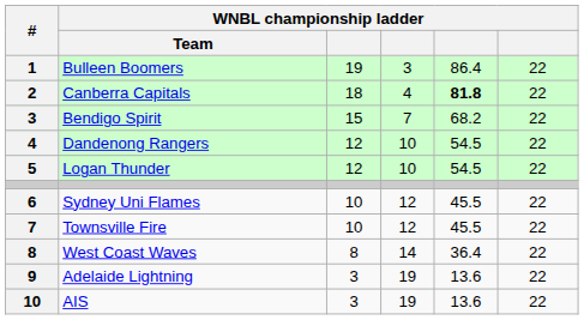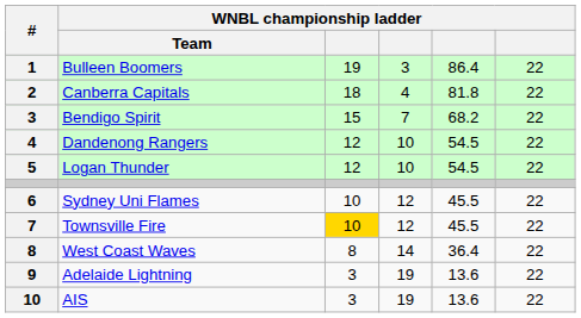 <table class="wikitable" width="43.5%" style="font-size:95%; text-align:center">
 <tr>
 <th width="5%" rowspan=2>#</th>
 <th colspan="6" align="center">WNBL championship ladder</th>
 </tr>
 <tr>
 <th width="25%">Team</th>
 <th width="5%"></th>
 <th width="5%"></th>
 <th width="5%"></th>
 <th width="7.5%"></th>
 </tr>
 <tr style="background-color:#CCFFCC">
 <th>1</th>
 <td style="text-align:left;"><a href='#'>Bulleen Boomers</a></td>
 <td>19</td>
 <td>3</td>
 <td>86.4</td>
 <td>22</td>
 </tr>
 <tr style="background-color:#CCFFCC">
 <th>2</th>
 <td style="text-align:left;"><a href='#'>Canberra Capitals</a></td>
 <td>18</td>
 <td>4</td>
-<td><strong>81.8</strong></td>
+<td>81.8</td>
 <td>22</td>
 </tr>
 <tr style="background-color:#CCFFCC">
 <th>3</th>
 <td style="text-align:left;"><a href='#'>Bendigo Spirit</a></td>
 <td>15</td>
 <td>7</td>
 <td>68.2</td>
 <td>22</td>
 </tr>
 <tr style="background-color:#CCFFCC">
 <th>4</th>
 <td style="text-align:left;"><a href='#'>Dandenong Rangers</a></td>
 <td>12</td>
 <td>10</td>
 <td>54.5</td>
 <td>22</td>
 </tr>
 <tr style="background-color:#CCFFCC">
 <th>5</th>
 <td style="text-align:left;"><a href='#'>Logan Thunder</a></td>
 <td>12</td>
 <td>10</td>
 <td>54.5</td>
 <td>22</td>
 </tr>
 <tr style="background-color:#cccccc;">
 <td></td>
 <td></td>
 <td></td>
 <td></td>
 <td></td>
 <td></td>
 </tr>
 <tr>
 <th>6</th>
 <td style="text-align:left;"><a href='#'>Sydney Uni Flames</a></td>
 <td>10</td>
 <td>12</td>
 <td>45.5</td>
 <td>22</td>
 </tr>
 <tr>
 <th>7</th>
 <td style="text-align:left;"><a href='#'>Townsville Fire</a></td>
-<td>10</td>
+<td style="background: gold;">10</td>
 <td>12</td>
 <td>45.5</td>
 <td>22</td>
 </tr>
 <tr>
 <th>8</th>
 <td style="text-align:left;"><a href='#'>West Coast Waves</a></td>
 <td>8</td>
 <td>14</td>
 <td>36.4</td>
 <td>22</td>
 </tr>
 <tr>
 <th>9</th>
 <td style="text-align:left;"><a href='#'>Adelaide Lightning</a></td>
 <td>3</td>
 <td>19</td>
 <td>13.6</td>
 <td>22</td>
 </tr>
 <tr>
 <th>10</th>
 <td style="text-align:left;"><a href='#'>AIS</a></td>
 <td>3</td>
 <td>19</td>
 <td>13.6</td>
 <td>22</td>
 </tr>
 </table>
